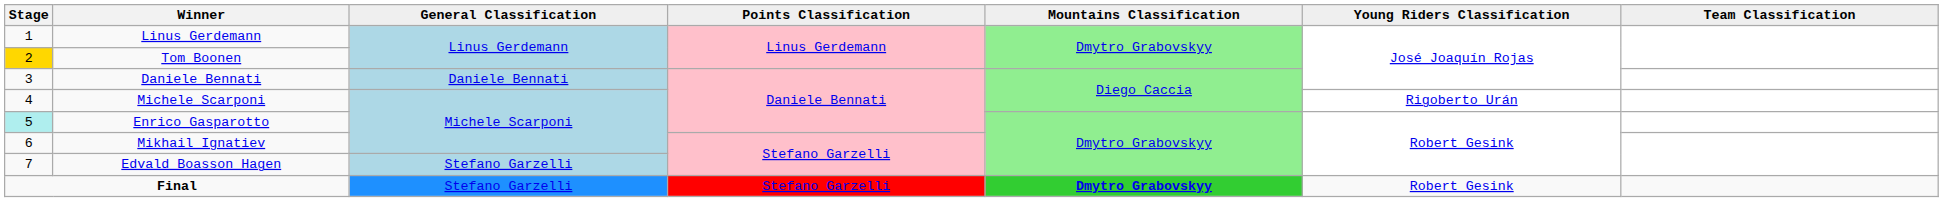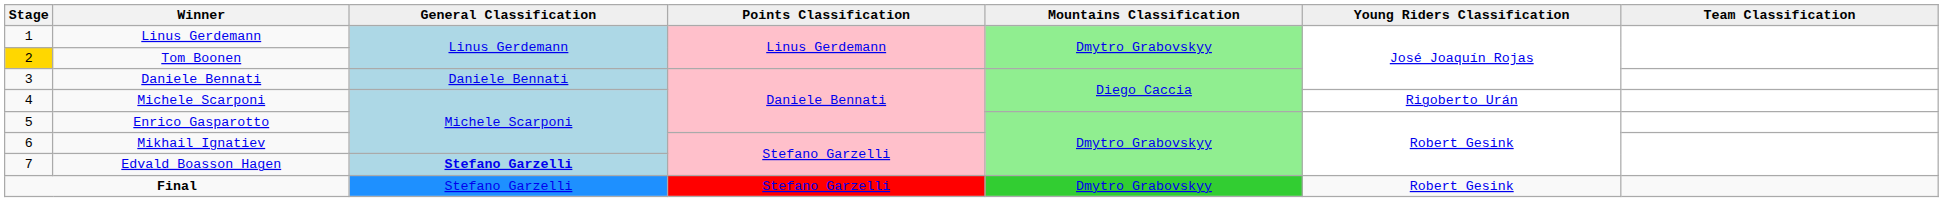 <table class="wikitable" style="text-align: center; font-size:smaller;">
 <tr>
 <th width="1%">Stage</th>
 <th width="14%">Winner</th>
 <th style="background:#EFEFEF;" width="15%">General Classification<br></th>
 <th style="background:#EFEFEF;" width="15%">Points Classification<br></th>
 <th style="background:#EFEFEF;" width="15%">Mountains Classification<br></th>
 <th style="background:#EFEFEF;" width="15%">Young Riders Classification<br></th>
 <th style="background:#EFEFEF;" width="15%">Team Classification</th>
 </tr>
 <tr>
 <td>1</td>
 <td><a href='#'>Linus Gerdemann</a></td>
 <td style="background-color:lightblue;" rowspan="2"><a href='#'>Linus Gerdemann</a></td>
 <td style="background-color:pink;" rowspan="2"><a href='#'>Linus Gerdemann</a></td>
 <td style="background-color:lightgreen;" rowspan="2"><a href='#'>Dmytro Grabovskyy</a></td>
 <td style="background-color:white;" rowspan="3"><a href='#'>José Joaquín Rojas</a></td>
 <td style="background-color:white;" rowspan="2"></td>
 </tr>
 <tr>
 <td style="background: gold;">2</td>
 <td><a href='#'>Tom Boonen</a></td>
 </tr>
 <tr>
 <td>3</td>
 <td><a href='#'>Daniele Bennati</a></td>
 <td style="background-color:lightblue;" rowspan="1"><a href='#'>Daniele Bennati</a></td>
 <td style="background-color:pink;" rowspan="3"><a href='#'>Daniele Bennati</a></td>
 <td style="background-color:lightgreen;" rowspan="2"><a href='#'>Diego Caccia</a></td>
 <td style="background-color:white;" rowspan="1"></td>
 </tr>
 <tr>
 <td>4</td>
 <td><a href='#'>Michele Scarponi</a></td>
 <td style="background-color:lightblue;" rowspan="3"><a href='#'>Michele Scarponi</a></td>
 <td style="background-color:white;" rowspan="1"><a href='#'>Rigoberto Urán</a></td>
 <td style="background-color:white;" rowspan="1"></td>
 </tr>
 <tr>
-<td style="background: paleturquoise;">5</td>
+<td>5</td>
 <td><a href='#'>Enrico Gasparotto</a></td>
 <td style="background-color:lightgreen;" rowspan="3"><a href='#'>Dmytro Grabovskyy</a></td>
 <td style="background-color:white;" rowspan="3"><a href='#'>Robert Gesink</a></td>
 <td style="background-color:white;" rowspan="1"></td>
 </tr>
 <tr>
 <td>6</td>
 <td><a href='#'>Mikhail Ignatiev</a></td>
 <td style="background-color:pink;" rowspan="2"><a href='#'>Stefano Garzelli</a></td>
 <td style="background-color:white;" rowspan="2"></td>
 </tr>
 <tr>
 <td>7</td>
 <td><a href='#'>Edvald Boasson Hagen</a></td>
-<td style="background-color:lightblue;" rowspan="1"><a href='#'>Stefano Garzelli</a></td>
+<td style="background-color:lightblue;" rowspan="1"><strong><a href='#'>Stefano Garzelli</a></strong></td>
 </tr>
 <tr>
 <td colspan="2"><strong>Final</strong><br></td>
 <td style="background-color:dodgerblue;" rowspan="2"><a href='#'>Stefano Garzelli</a></td>
 <td style="background-color:red;" rowspan="1"><a href='#'>Stefano Garzelli</a></td>
-<td style="background-color:limegreen;" rowspan="1"><strong><a href='#'>Dmytro Grabovskyy</a></strong></td>
+<td style="background-color:limegreen;" rowspan="1"><a href='#'>Dmytro Grabovskyy</a></td>
 <td style="background-color:offwhite;" rowspan="1"><a href='#'>Robert Gesink</a></td>
 <td style="background-color:offwhite;" rowspan="1"></td>
 </tr>
 </table>
